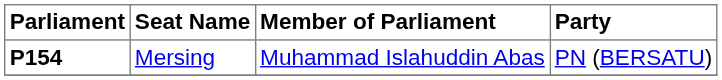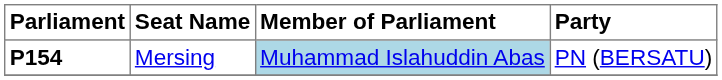 <table class="toccolours sortable" border="1" cellpadding="3" style="border-collapse:collapse; text-align: left;">
 <tr>
 <th align="center">Parliament</th>
 <th>Seat Name</th>
 <th>Member of Parliament</th>
 <th>Party</th>
 </tr>
 <tr>
 <th align="left">P154</th>
 <td><a href='#'>Mersing</a></td>
-<td><a href='#'>Muhammad Islahuddin Abas</a></td>
+<td style="background: lightblue;"><a href='#'>Muhammad Islahuddin Abas</a></td>
 <td><a href='#'>PN</a> (<a href='#'>BERSATU</a>)</td>
 </tr>
 <tr>
 </tr>
 </table>
